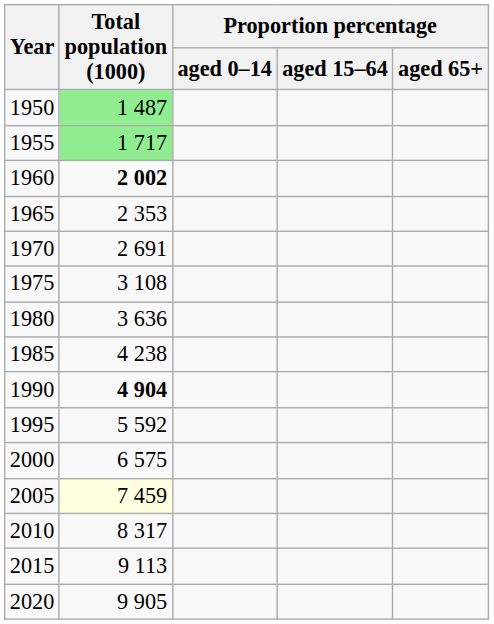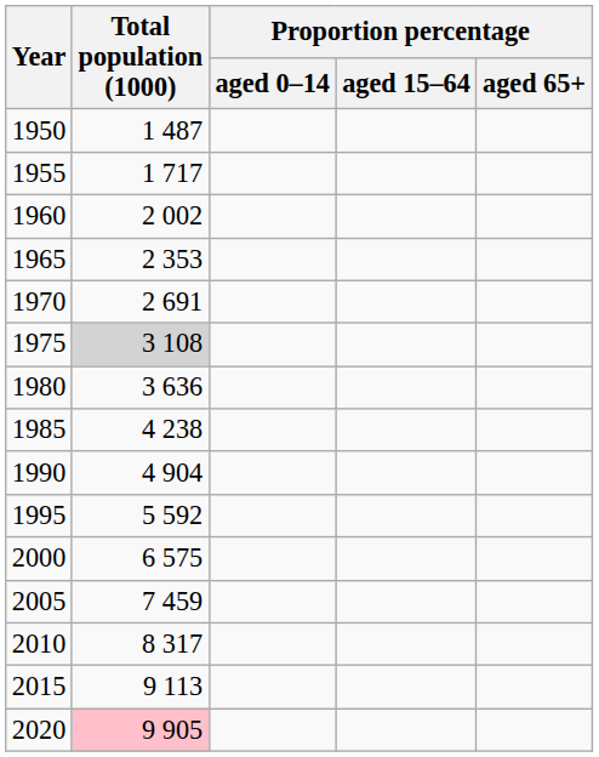 <table class="wikitable">
 <tr>
 <th rowspan=2>Year</th>
 <th rowspan=2 width="70pt">Total population<br> (1000)</th>
 <th colspan=3>Proportion percentage</th>
 </tr>
 <tr>
 <th>aged 0–14</th>
 <th>aged 15–64</th>
 <th>aged 65+</th>
 </tr>
 <tr>
 <td>1950</td>
-<td align=right style="background: lightgreen;">1 487</td>
+<td align=right>1 487</td>
 <td></td>
 <td></td>
 <td></td>
 </tr>
 <tr>
 <td>1955</td>
-<td align=right style="background: lightgreen;">1 717</td>
+<td align=right>1 717</td>
 <td></td>
 <td></td>
 <td></td>
 </tr>
 <tr>
 <td>1960</td>
-<td align=right><strong>2 002</strong></td>
+<td align=right>2 002</td>
 <td></td>
 <td></td>
 <td></td>
 </tr>
 <tr>
 <td>1965</td>
 <td align=right>2 353</td>
 <td></td>
 <td></td>
 <td></td>
 </tr>
 <tr>
 <td>1970</td>
 <td align=right>2 691</td>
 <td></td>
 <td></td>
 <td></td>
 </tr>
 <tr>
 <td>1975</td>
-<td align=right>3 108</td>
+<td align=right style="background: lightgrey;">3 108</td>
 <td></td>
 <td></td>
 <td></td>
 </tr>
 <tr>
 <td>1980</td>
 <td align=right>3 636</td>
 <td></td>
 <td></td>
 <td></td>
 </tr>
 <tr>
 <td>1985</td>
 <td align=right>4 238</td>
 <td></td>
 <td></td>
 <td></td>
 </tr>
 <tr>
 <td>1990</td>
-<td align=right><strong>4 904</strong></td>
+<td align=right>4 904</td>
 <td></td>
 <td></td>
 <td></td>
 </tr>
 <tr>
 <td>1995</td>
 <td align=right>5 592</td>
 <td></td>
 <td></td>
 <td></td>
 </tr>
 <tr>
 <td>2000</td>
 <td align=right>6 575</td>
 <td></td>
 <td></td>
 <td></td>
 </tr>
 <tr>
 <td>2005</td>
-<td align=right style="background: lightyellow;">7 459</td>
+<td align=right>7 459</td>
 <td></td>
 <td></td>
 <td></td>
 </tr>
 <tr>
 <td>2010</td>
 <td align=right>8 317</td>
 <td></td>
 <td></td>
 <td></td>
 </tr>
 <tr>
 <td>2015</td>
 <td align=right>9 113</td>
 <td></td>
 <td></td>
 <td></td>
 </tr>
 <tr>
 <td>2020</td>
-<td align=right>9 905</td>
+<td align=right style="background: pink;">9 905</td>
 <td></td>
 <td></td>
 <td></td>
 </tr>
 </table>
